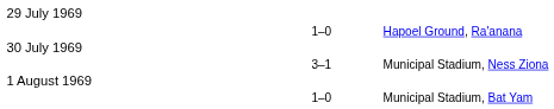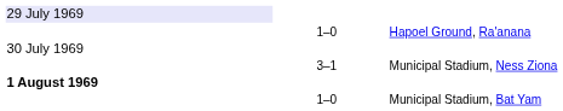 <table style="width:100%;" cellspacing="1">
 <tr>
 <th width=25%></th>
 <th width=10%></th>
 <th></th>
 </tr>
 <tr>
-<td>29 July 1969</td>
+<td style="background: lavender;">29 July 1969</td>
 </tr>
 <tr>
 </tr>
 <tr style=font-size:90%>
 <td align=right></td>
 <td align=center>1–0</td>
 <td></td>
 <td><a href='#'>Hapoel Ground</a>, <a href='#'>Ra'anana</a></td>
 </tr>
 <tr>
 <td>30 July 1969</td>
 </tr>
 <tr style=font-size:90%>
 <td align=right></td>
 <td align=center>3–1</td>
 <td></td>
 <td>Municipal Stadium, <a href='#'>Ness Ziona</a></td>
 </tr>
 <tr>
-<td>1 August 1969</td>
+<td><strong>1 August 1969</strong></td>
 </tr>
 <tr style=font-size:90%>
 <td align=right></td>
 <td align=center>1–0</td>
 <td></td>
 <td>Municipal Stadium, <a href='#'>Bat Yam</a></td>
 </tr>
 </table>
